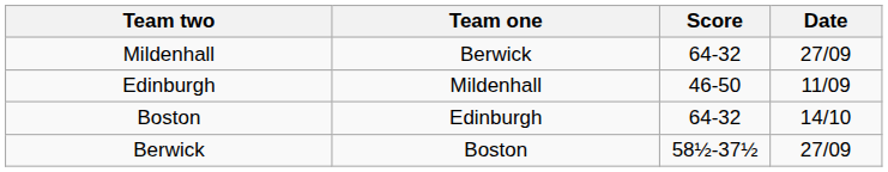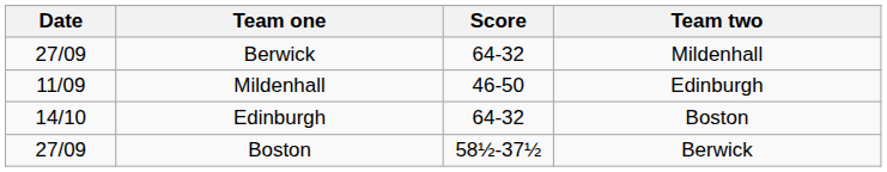 <table class="wikitable" style="text-align: center">
 <tr>
-<th width=250>Team two</th>
+<th width=80>Date</th>
 <th width=250>Team one</th>
 <th width=80>Score</th>
-<th width=80>Date</th>
+<th width=250>Team two</th>
 </tr>
 <tr>
-<td>Mildenhall</td>
+<td>27/09</td>
 <td>Berwick</td>
 <td>64-32</td>
-<td>27/09</td>
+<td>Mildenhall</td>
 </tr>
 <tr>
-<td>Edinburgh</td>
+<td>11/09</td>
 <td>Mildenhall</td>
 <td>46-50</td>
-<td>11/09</td>
+<td>Edinburgh</td>
 </tr>
 <tr>
-<td>Boston</td>
+<td>14/10</td>
 <td>Edinburgh</td>
 <td>64-32</td>
-<td>14/10</td>
+<td>Boston</td>
 </tr>
 <tr>
-<td>Berwick</td>
+<td>27/09</td>
 <td>Boston</td>
 <td>58½-37½</td>
-<td>27/09</td>
+<td>Berwick</td>
 </tr>
 </table>
